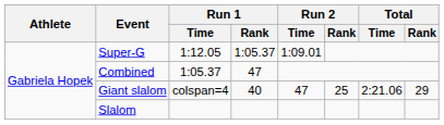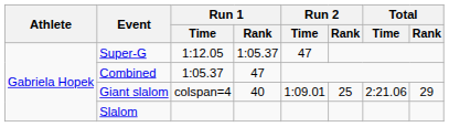 <table class="wikitable" style="font-size:90%">
 <tr>
 <th rowspan=2>Athlete</th>
 <th rowspan=2>Event</th>
 <th colspan=2>Run 1</th>
 <th colspan=2>Run 2</th>
 <th colspan=2>Total</th>
 </tr>
 <tr style="font-size:95%">
 <th>Time</th>
 <th>Rank</th>
 <th>Time</th>
 <th>Rank</th>
 <th>Time</th>
 <th>Rank</th>
 </tr>
 <tr align=center>
 <td align="left" rowspan="4"><a href='#'>Gabriela Hopek</a></td>
 <td align="left"><a href='#'>Super-G</a></td>
 <td>1:12.05</td>
 <td>1:05.37</td>
-<td>1:09.01</td>
+<td>47</td>
 </tr>
 <tr align=center>
 <td align="left"><a href='#'>Combined</a></td>
 <td>1:05.37</td>
 <td>47</td>
 <td colspan=4></td>
 </tr>
 <tr align=center>
 <td align="left"><a href='#'>Giant slalom</a></td>
 <td>colspan=4</td>
 <td>40</td>
-<td>47</td>
+<td>1:09.01</td>
 <td>25</td>
 <td>2:21.06</td>
 <td>29</td>
 </tr>
 <tr align=center>
 <td align="left"><a href='#'>Slalom</a></td>
 <td></td>
 <td></td>
 <td></td>
 <td></td>
 <td></td>
 <td></td>
 </tr>
 </table>
